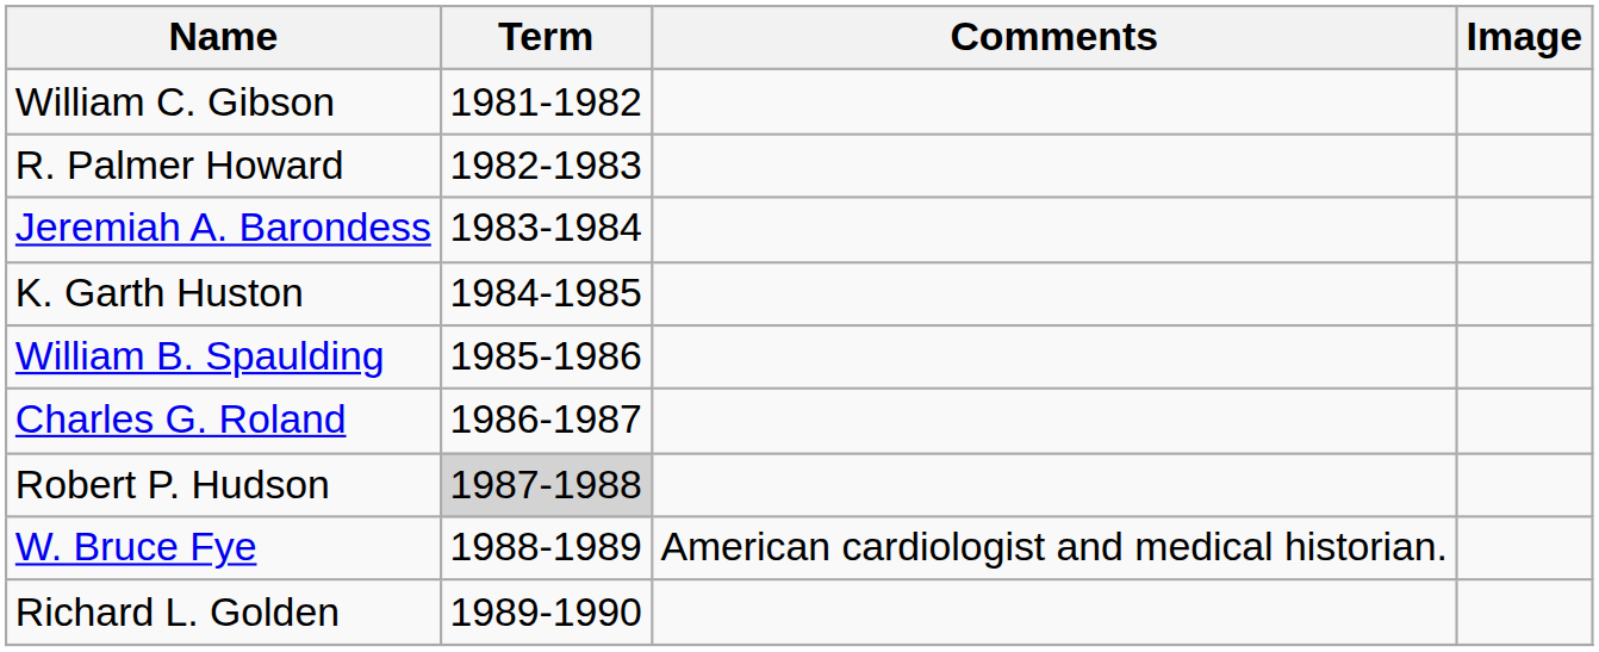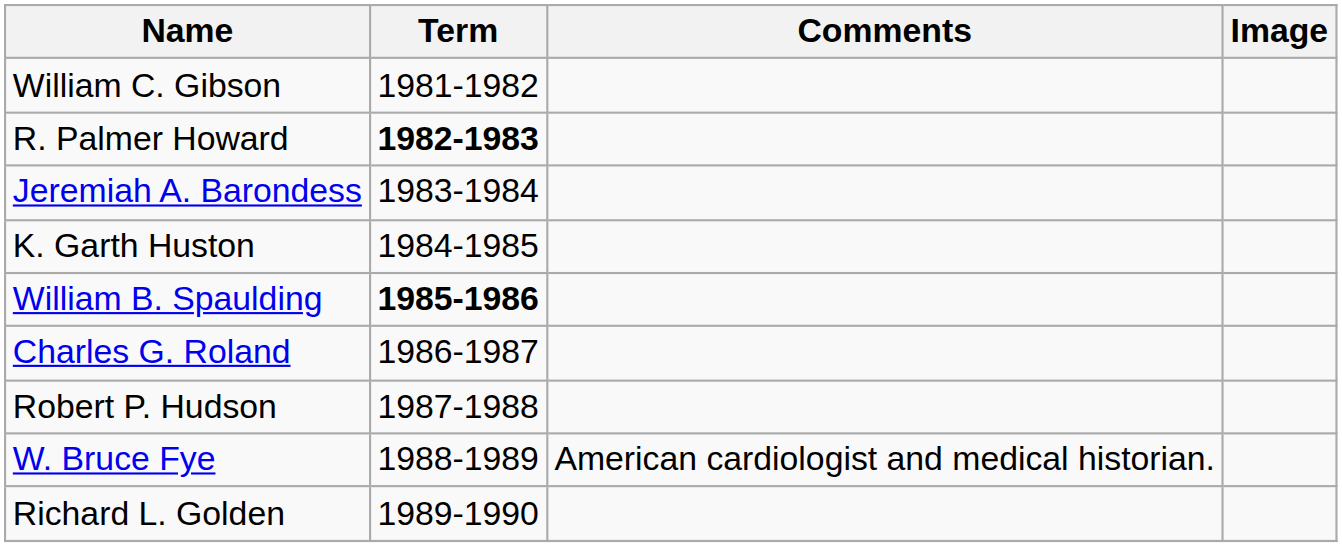 <table class="wikitable">
 <tr>
 <th>Name</th>
 <th>Term</th>
 <th>Comments</th>
 <th>Image</th>
 </tr>
 <tr>
 <td>William C. Gibson</td>
 <td>1981-1982</td>
 <td></td>
 <td></td>
 </tr>
 <tr>
 <td>R. Palmer Howard</td>
-<td>1982-1983</td>
+<td><strong>1982-1983</strong></td>
 <td></td>
 <td></td>
 </tr>
 <tr>
 <td><a href='#'>Jeremiah A. Barondess</a></td>
 <td>1983-1984</td>
 <td></td>
 <td></td>
 </tr>
 <tr>
 <td>K. Garth Huston</td>
 <td>1984-1985</td>
 <td></td>
 <td></td>
 </tr>
 <tr>
 <td><a href='#'>William B. Spaulding</a></td>
-<td>1985-1986</td>
+<td><strong>1985-1986</strong></td>
 <td></td>
 <td></td>
 </tr>
 <tr>
 <td><a href='#'>Charles G. Roland</a></td>
 <td>1986-1987</td>
 <td></td>
 <td></td>
 </tr>
 <tr>
 <td>Robert P. Hudson</td>
-<td style="background: lightgrey;">1987-1988</td>
+<td>1987-1988</td>
 <td></td>
 <td></td>
 </tr>
 <tr>
 <td><a href='#'>W. Bruce Fye</a></td>
 <td>1988-1989</td>
 <td>American cardiologist and medical historian.</td>
 <td></td>
 </tr>
 <tr>
 <td>Richard L. Golden</td>
 <td>1989-1990</td>
 <td></td>
 <td></td>
 </tr>
 <tr>
 </tr>
 </table>
